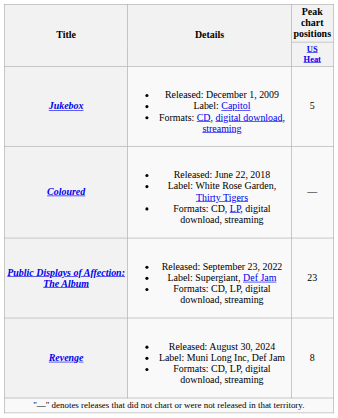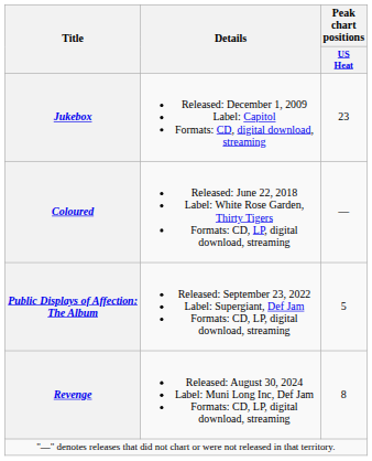 <table class="wikitable plainrowheaders" style="text-align:center;" border="1">
 <tr>
 <th scope="col" rowspan="2" style="width:12em;">Title</th>
 <th scope="col" rowspan="2" style="width:16em;">Details</th>
 <th scope="col" colspan="1">Peak chart positions</th>
 </tr>
 <tr>
 <th scope="col" style="width:2.51em;font-size:85%;"><a href='#'>US<br>Heat</a><br></th>
 </tr>
 <tr>
 <th scope="row"><em><a href='#'>Jukebox</a></em></th>
 <td><br><ul><li>Released: December 1, 2009</li><li>Label: <a href='#'>Capitol</a></li><li>Formats: <a href='#'>CD</a>, <a href='#'>digital download</a>, <a href='#'>streaming</a></li></ul></td>
-<td>5</td>
+<td>23</td>
 </tr>
 <tr>
 <th scope="row"><em><a href='#'>Coloured</a></em></th>
 <td><br><ul><li>Released: June 22, 2018</li><li>Label: White Rose Garden, <a href='#'>Thirty Tigers</a></li><li>Formats: CD, <a href='#'>LP</a>, digital download, streaming</li></ul></td>
 <td>—</td>
 </tr>
 <tr>
 <th scope="row"><em><a href='#'>Public Displays of Affection: The Album</a></em></th>
 <td><br><ul><li>Released: September 23, 2022</li><li>Label: Supergiant, <a href='#'>Def Jam</a></li><li>Formats: CD, LP, digital download, streaming</li></ul></td>
-<td>23</td>
+<td>5</td>
 </tr>
 <tr>
 <th scope="row"><em><a href='#'>Revenge</a></em></th>
 <td><br><ul><li>Released: August 30, 2024</li><li>Label: Muni Long Inc, Def Jam</li><li>Formats: CD, LP, digital download, streaming</li></ul></td>
 <td>8</td>
 </tr>
 <tr>
 <td colspan="14" style="font-size:90%">"—" denotes releases that did not chart or were not released in that territory.</td>
 </tr>
 </table>
